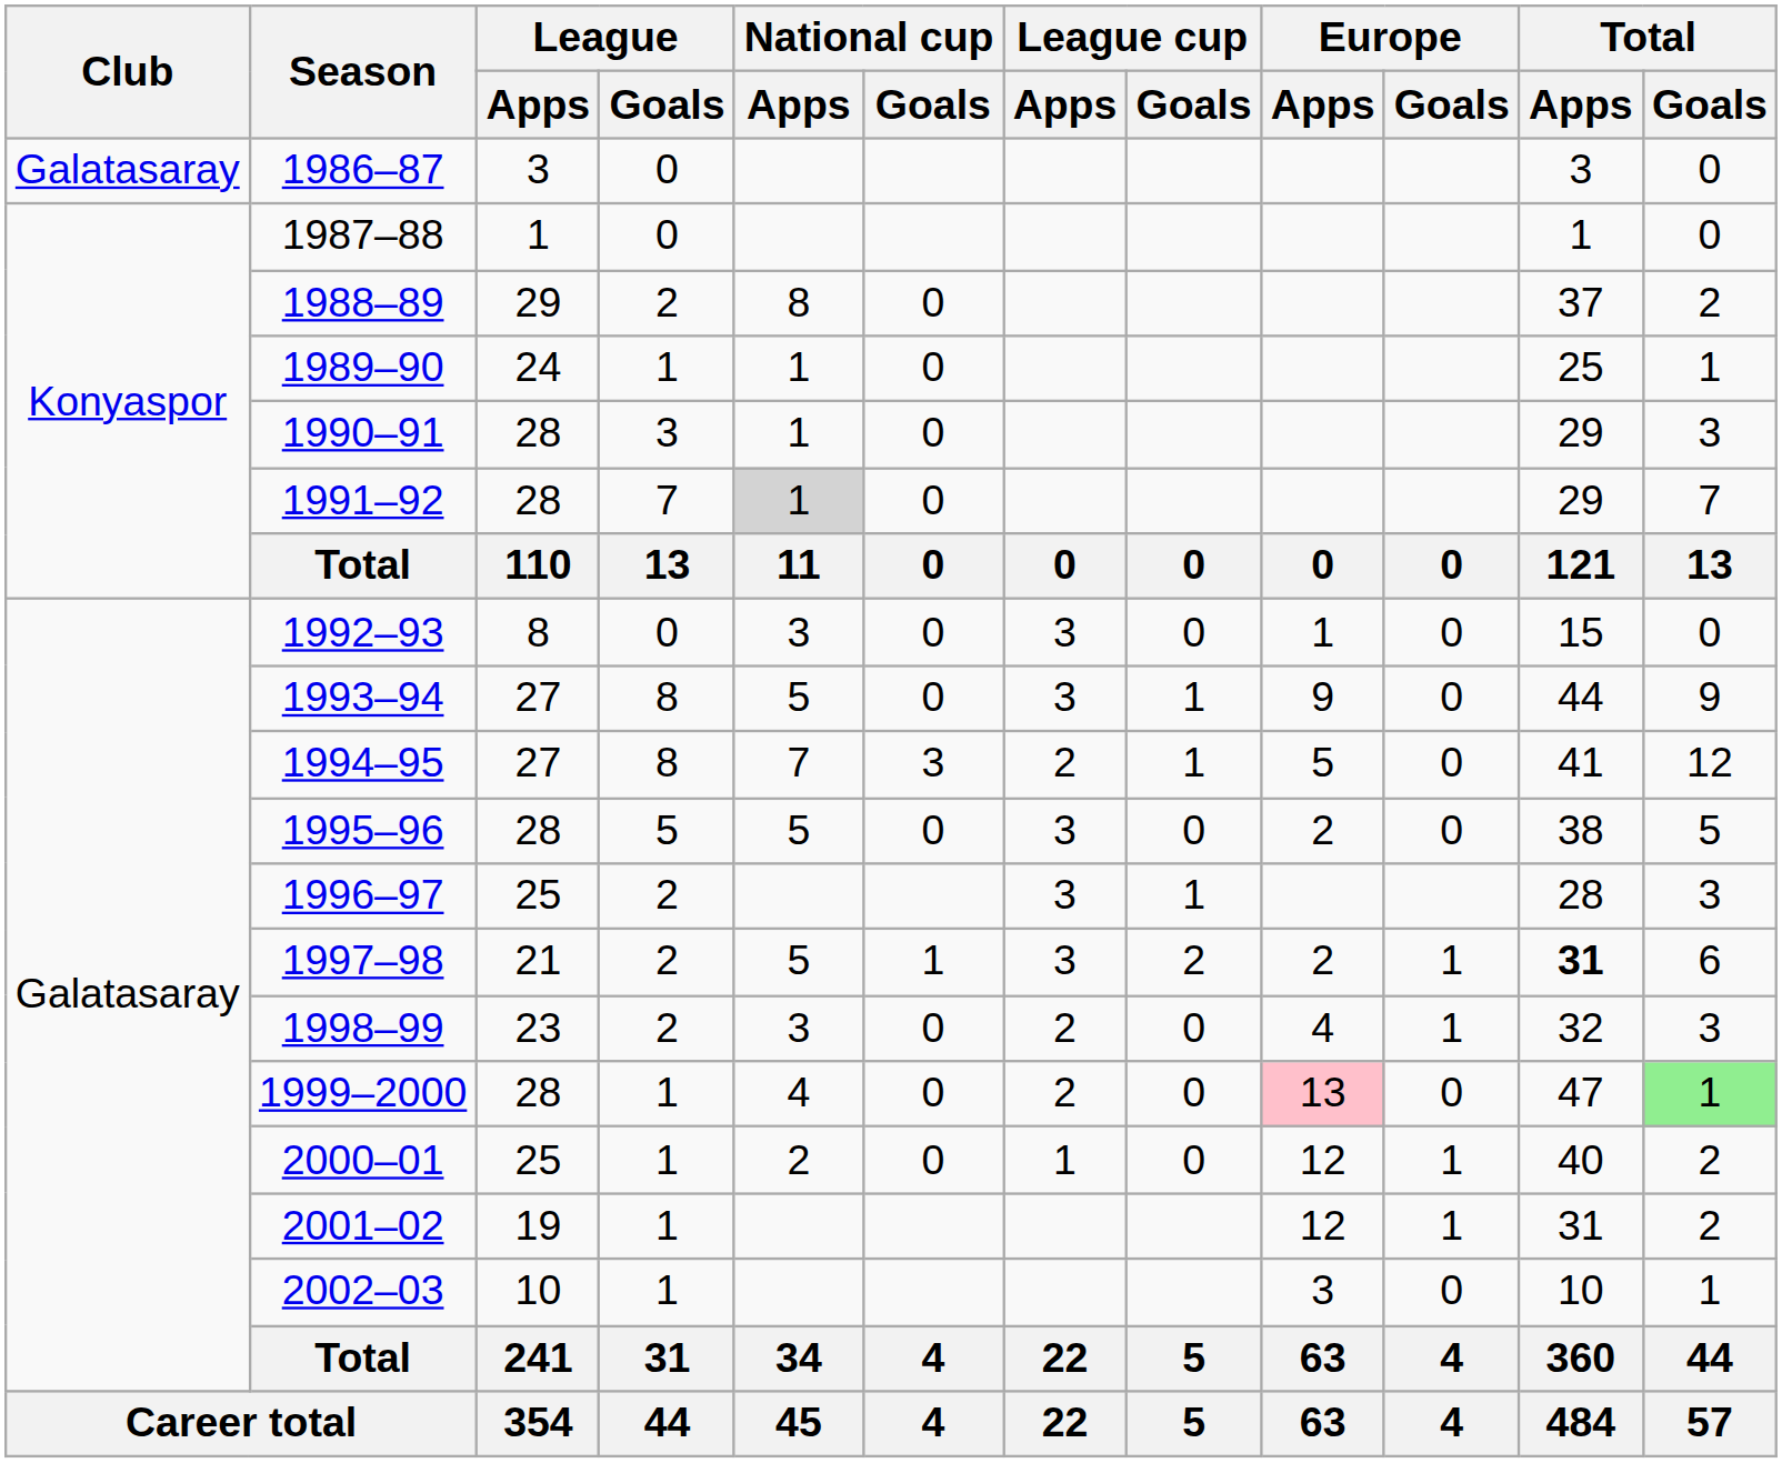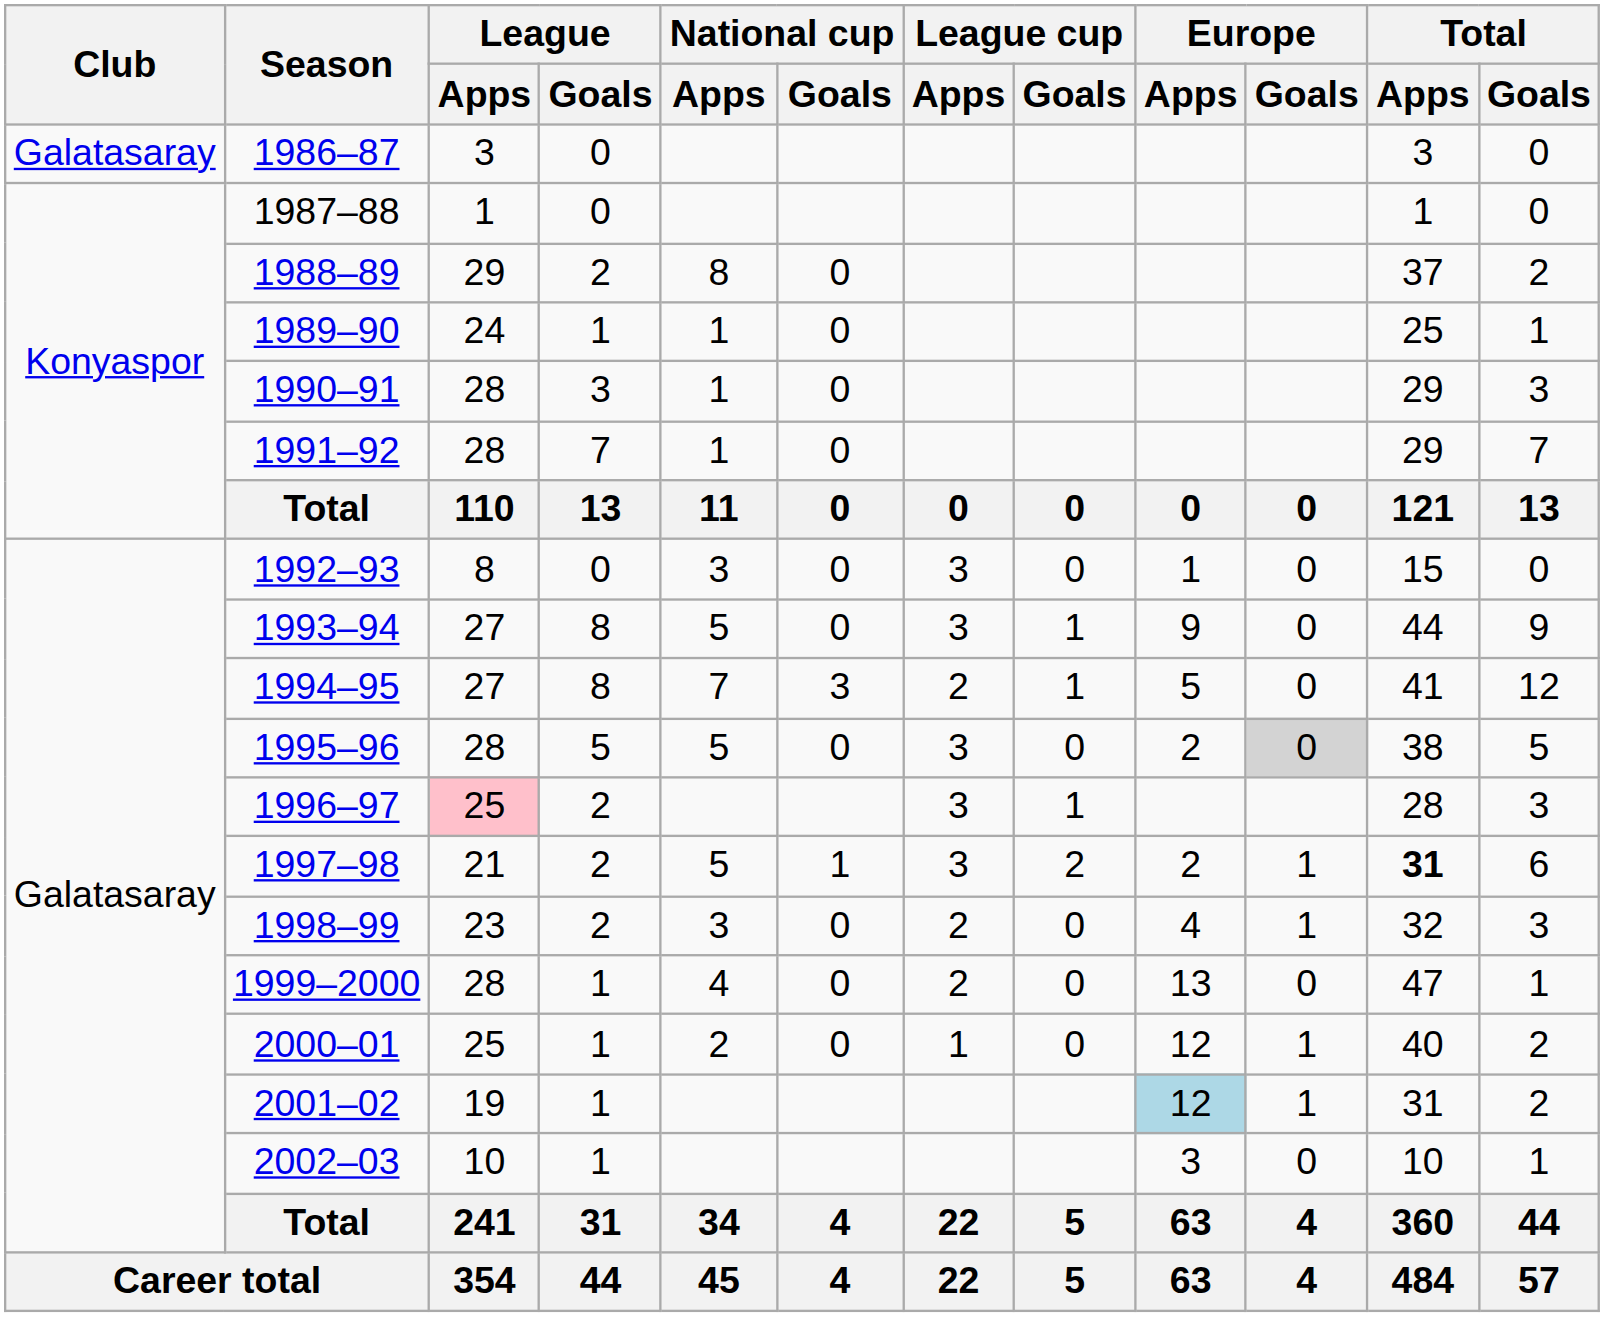 <table class="wikitable" style="text-align:center">
 <tr>
 <th rowspan="2">Club</th>
 <th rowspan="2">Season</th>
 <th colspan="2">League</th>
 <th colspan="2">National cup</th>
 <th colspan="2">League cup</th>
 <th colspan="2">Europe</th>
 <th colspan="2">Total</th>
 </tr>
 <tr>
 <th>Apps</th>
 <th>Goals</th>
 <th>Apps</th>
 <th>Goals</th>
 <th>Apps</th>
 <th>Goals</th>
 <th>Apps</th>
 <th>Goals</th>
 <th>Apps</th>
 <th>Goals</th>
 </tr>
 <tr>
 <td><a href='#'>Galatasaray</a></td>
 <td><a href='#'>1986–87</a></td>
 <td>3</td>
 <td>0</td>
 <td></td>
 <td></td>
 <td></td>
 <td></td>
 <td></td>
 <td></td>
 <td>3</td>
 <td>0</td>
 </tr>
 <tr>
 <td rowspan="6"><a href='#'>Konyaspor</a></td>
 <td>1987–88</td>
 <td>1</td>
 <td>0</td>
 <td></td>
 <td></td>
 <td></td>
 <td></td>
 <td></td>
 <td></td>
 <td>1</td>
 <td>0</td>
 </tr>
 <tr>
 <td><a href='#'>1988–89</a></td>
 <td>29</td>
 <td>2</td>
 <td>8</td>
 <td>0</td>
 <td></td>
 <td></td>
 <td></td>
 <td></td>
 <td>37</td>
 <td>2</td>
 </tr>
 <tr>
 <td><a href='#'>1989–90</a></td>
 <td>24</td>
 <td>1</td>
 <td>1</td>
 <td>0</td>
 <td></td>
 <td></td>
 <td></td>
 <td></td>
 <td>25</td>
 <td>1</td>
 </tr>
 <tr>
 <td><a href='#'>1990–91</a></td>
 <td>28</td>
 <td>3</td>
 <td>1</td>
 <td>0</td>
 <td></td>
 <td></td>
 <td></td>
 <td></td>
 <td>29</td>
 <td>3</td>
 </tr>
 <tr>
 <td><a href='#'>1991–92</a></td>
 <td>28</td>
 <td>7</td>
-<td style="background: lightgrey;">1</td>
+<td>1</td>
 <td>0</td>
 <td></td>
 <td></td>
 <td></td>
 <td></td>
 <td>29</td>
 <td>7</td>
 </tr>
 <tr>
 <th>Total</th>
 <th>110</th>
 <th>13</th>
 <th>11</th>
 <th>0</th>
 <th>0</th>
 <th>0</th>
 <th>0</th>
 <th>0</th>
 <th>121</th>
 <th>13</th>
 </tr>
 <tr>
 <td rowspan="12">Galatasaray</td>
 <td><a href='#'>1992–93</a></td>
 <td>8</td>
 <td>0</td>
 <td>3</td>
 <td>0</td>
 <td>3</td>
 <td>0</td>
 <td>1</td>
 <td>0</td>
 <td>15</td>
 <td>0</td>
 </tr>
 <tr>
 <td><a href='#'>1993–94</a></td>
 <td>27</td>
 <td>8</td>
 <td>5</td>
 <td>0</td>
 <td>3</td>
 <td>1</td>
 <td>9</td>
 <td>0</td>
 <td>44</td>
 <td>9</td>
 </tr>
 <tr>
 <td><a href='#'>1994–95</a></td>
 <td>27</td>
 <td>8</td>
 <td>7</td>
 <td>3</td>
 <td>2</td>
 <td>1</td>
 <td>5</td>
 <td>0</td>
 <td>41</td>
 <td>12</td>
 </tr>
 <tr>
 <td><a href='#'>1995–96</a></td>
 <td>28</td>
 <td>5</td>
 <td>5</td>
 <td>0</td>
 <td>3</td>
 <td>0</td>
 <td>2</td>
-<td>0</td>
+<td style="background: lightgrey;">0</td>
 <td>38</td>
 <td>5</td>
 </tr>
 <tr>
 <td><a href='#'>1996–97</a></td>
-<td>25</td>
+<td style="background: pink;">25</td>
 <td>2</td>
 <td></td>
 <td></td>
 <td>3</td>
 <td>1</td>
 <td></td>
 <td></td>
 <td>28</td>
 <td>3</td>
 </tr>
 <tr>
 <td><a href='#'>1997–98</a></td>
 <td>21</td>
 <td>2</td>
 <td>5</td>
 <td>1</td>
 <td>3</td>
 <td>2</td>
 <td>2</td>
 <td>1</td>
 <td><strong>31</strong></td>
 <td>6</td>
 </tr>
 <tr>
 <td><a href='#'>1998–99</a></td>
 <td>23</td>
 <td>2</td>
 <td>3</td>
 <td>0</td>
 <td>2</td>
 <td>0</td>
 <td>4</td>
 <td>1</td>
 <td>32</td>
 <td>3</td>
 </tr>
 <tr>
 <td><a href='#'>1999–2000</a></td>
 <td>28</td>
 <td>1</td>
 <td>4</td>
 <td>0</td>
 <td>2</td>
 <td>0</td>
-<td style="background: pink;">13</td>
+<td>13</td>
 <td>0</td>
 <td>47</td>
-<td style="background: lightgreen;">1</td>
+<td>1</td>
 </tr>
 <tr>
 <td><a href='#'>2000–01</a></td>
 <td>25</td>
 <td>1</td>
 <td>2</td>
 <td>0</td>
 <td>1</td>
 <td>0</td>
 <td>12</td>
 <td>1</td>
 <td>40</td>
 <td>2</td>
 </tr>
 <tr>
 <td><a href='#'>2001–02</a></td>
 <td>19</td>
 <td>1</td>
 <td></td>
 <td></td>
 <td></td>
 <td></td>
-<td>12</td>
+<td style="background: lightblue;">12</td>
 <td>1</td>
 <td>31</td>
 <td>2</td>
 </tr>
 <tr>
 <td><a href='#'>2002–03</a></td>
 <td>10</td>
 <td>1</td>
 <td></td>
 <td></td>
 <td></td>
 <td></td>
 <td>3</td>
 <td>0</td>
 <td>10</td>
 <td>1</td>
 </tr>
 <tr>
 <th>Total</th>
 <th>241</th>
 <th>31</th>
 <th>34</th>
 <th>4</th>
 <th>22</th>
 <th>5</th>
 <th>63</th>
 <th>4</th>
 <th>360</th>
 <th>44</th>
 </tr>
 <tr>
 <th colspan="2">Career total</th>
 <th>354</th>
 <th>44</th>
 <th>45</th>
 <th>4</th>
 <th>22</th>
 <th>5</th>
 <th>63</th>
 <th>4</th>
 <th>484</th>
 <th>57</th>
 </tr>
 </table>
